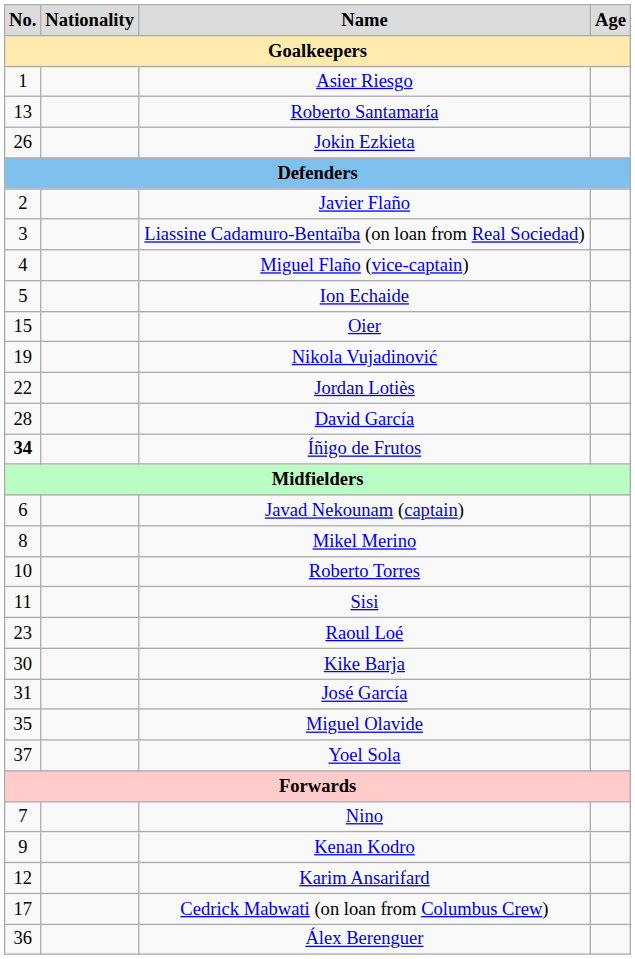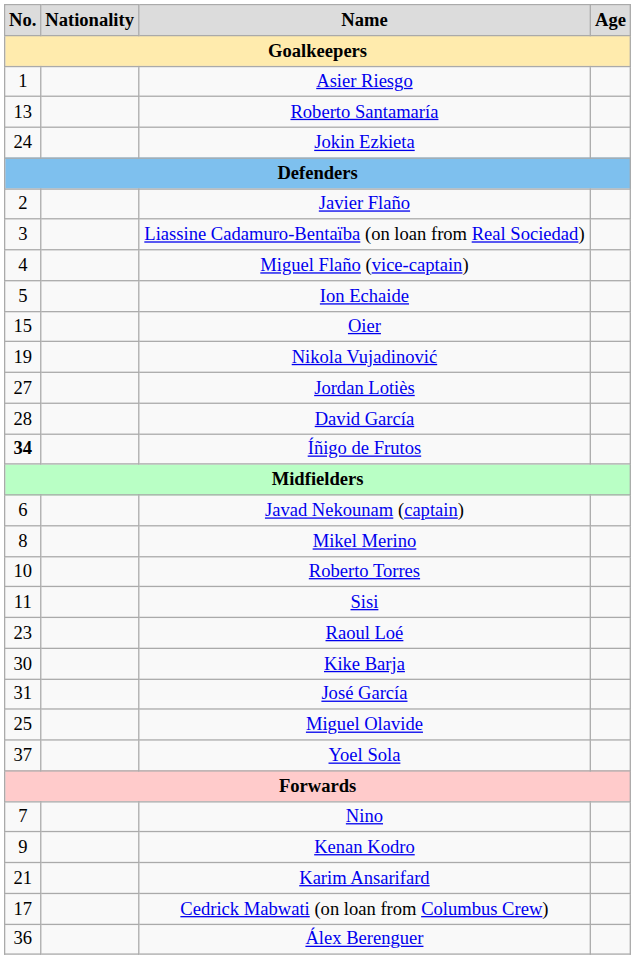 <table class="wikitable"  style="text-align:center; font-size:90%; width:55%;">
 <tr>
 <th style="background:#DCDCDC; colo:black;">No.</th>
 <th style="background:#DCDCDC; colo:black;" width=55;>Nationality</th>
 <th style="background:#DCDCDC; colo:black;">Name</th>
 <th style="background:#DCDCDC; colo:black;">Age</th>
 </tr>
 <tr>
 <th colspan=12  style="background:#FFEBAD">Goalkeepers</th>
 </tr>
 <tr>
 <td>1</td>
 <td></td>
 <td><a href='#'>Asier Riesgo</a></td>
 <td></td>
 </tr>
 <tr>
 <td>13</td>
 <td></td>
 <td><a href='#'>Roberto Santamaría</a></td>
 <td></td>
 </tr>
 <tr>
-<td>26</td>
+<td>24</td>
 <td></td>
 <td><a href='#'>Jokin Ezkieta</a></td>
 <td></td>
 </tr>
 <tr>
 <th colspan="24" style="background:#7EC0EE">Defenders</th>
 </tr>
 <tr>
 <td>2</td>
 <td></td>
 <td><a href='#'>Javier Flaño</a></td>
 <td></td>
 </tr>
 <tr>
 <td>3</td>
 <td></td>
 <td><a href='#'>Liassine Cadamuro-Bentaïba</a> (on loan from <a href='#'>Real Sociedad</a>)</td>
 <td></td>
 </tr>
 <tr>
 <td>4</td>
 <td></td>
 <td><a href='#'>Miguel Flaño</a> (<a href='#'>vice-captain</a>)</td>
 <td></td>
 </tr>
 <tr>
 <td>5</td>
 <td></td>
 <td><a href='#'>Ion Echaide</a></td>
 <td></td>
 </tr>
 <tr>
 <td>15</td>
 <td></td>
 <td><a href='#'>Oier</a></td>
 <td></td>
 </tr>
 <tr>
 <td>19</td>
 <td></td>
 <td><a href='#'>Nikola Vujadinović</a></td>
 <td></td>
 </tr>
 <tr>
-<td>22</td>
+<td>27</td>
 <td></td>
 <td><a href='#'>Jordan Lotiès</a></td>
 <td></td>
 </tr>
 <tr>
 <td>28</td>
 <td></td>
 <td><a href='#'>David García</a></td>
 <td></td>
 </tr>
 <tr>
 <td><strong>34</strong></td>
 <td></td>
 <td><a href='#'>Íñigo de Frutos</a></td>
 <td></td>
 </tr>
 <tr>
 <th colspan="44" style="background:#B9FFC5">Midfielders</th>
 </tr>
 <tr>
 <td>6</td>
 <td></td>
 <td><a href='#'>Javad Nekounam</a> (<a href='#'>captain</a>)</td>
 <td></td>
 </tr>
 <tr>
 <td>8</td>
 <td></td>
 <td><a href='#'>Mikel Merino</a></td>
 <td></td>
 </tr>
 <tr>
 <td>10</td>
 <td></td>
 <td><a href='#'>Roberto Torres</a></td>
 <td></td>
 </tr>
 <tr>
 <td>11</td>
 <td></td>
 <td><a href='#'>Sisi</a></td>
 <td></td>
 </tr>
 <tr>
 <td>23</td>
 <td></td>
 <td><a href='#'>Raoul Loé</a></td>
 <td></td>
 </tr>
 <tr>
 <td>30</td>
 <td></td>
 <td><a href='#'>Kike Barja</a></td>
 <td></td>
 </tr>
 <tr>
 <td>31</td>
 <td></td>
 <td><a href='#'>José García</a></td>
 <td></td>
 </tr>
 <tr>
-<td>35</td>
+<td>25</td>
 <td></td>
 <td><a href='#'>Miguel Olavide</a></td>
 <td></td>
 </tr>
 <tr>
 <td>37</td>
 <td></td>
 <td><a href='#'>Yoel Sola</a></td>
 <td></td>
 </tr>
 <tr>
 <th colspan=20 style="background:#FFCBCB">Forwards</th>
 </tr>
 <tr>
 <td>7</td>
 <td></td>
 <td><a href='#'>Nino</a></td>
 <td></td>
 </tr>
 <tr>
 <td>9</td>
 <td></td>
 <td><a href='#'>Kenan Kodro</a></td>
 <td></td>
 </tr>
 <tr>
-<td>12</td>
+<td>21</td>
 <td></td>
 <td><a href='#'>Karim Ansarifard</a></td>
 <td></td>
 </tr>
 <tr>
 <td>17</td>
 <td></td>
 <td><a href='#'>Cedrick Mabwati</a> (on loan from <a href='#'>Columbus Crew</a>)</td>
 <td></td>
 </tr>
 <tr>
 <td>36</td>
 <td></td>
 <td><a href='#'>Álex Berenguer</a></td>
 <td></td>
 </tr>
 </table>
